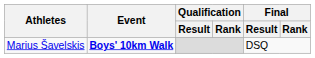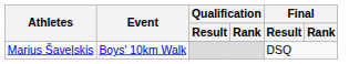 <table class="wikitable" border="1" style="font-size:90%">
 <tr>
 <th rowspan=2>Athletes</th>
 <th rowspan=2>Event</th>
 <th colspan=2>Qualification</th>
 <th colspan=2>Final</th>
 </tr>
 <tr>
 <th>Result</th>
 <th>Rank</th>
 <th>Result</th>
 <th>Rank</th>
 </tr>
 <tr>
 <td><a href='#'>Marius Šavelskis</a></td>
-<td><strong><a href='#'>Boys' 10km Walk</a></strong></td>
+<td><a href='#'>Boys' 10km Walk</a></td>
 <td colspan=2 bgcolor=#DCDCDC></td>
 <td colspan=2>DSQ</td>
 </tr>
 </table>
